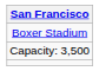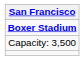 <table class="wikitable" style="text-align:center; margin: 1em auto;">
 <tr>
 <th width="100%"><a href='#'>San Francisco</a></th>
 </tr>
 <tr>
-<td><a href='#'>Boxer Stadium</a></td>
+<td><strong><a href='#'>Boxer Stadium</a></strong></td>
 </tr>
 <tr>
 <td>Capacity: 3,500</td>
 </tr>
 <tr>
 <td></td>
 </tr>
 </table>
